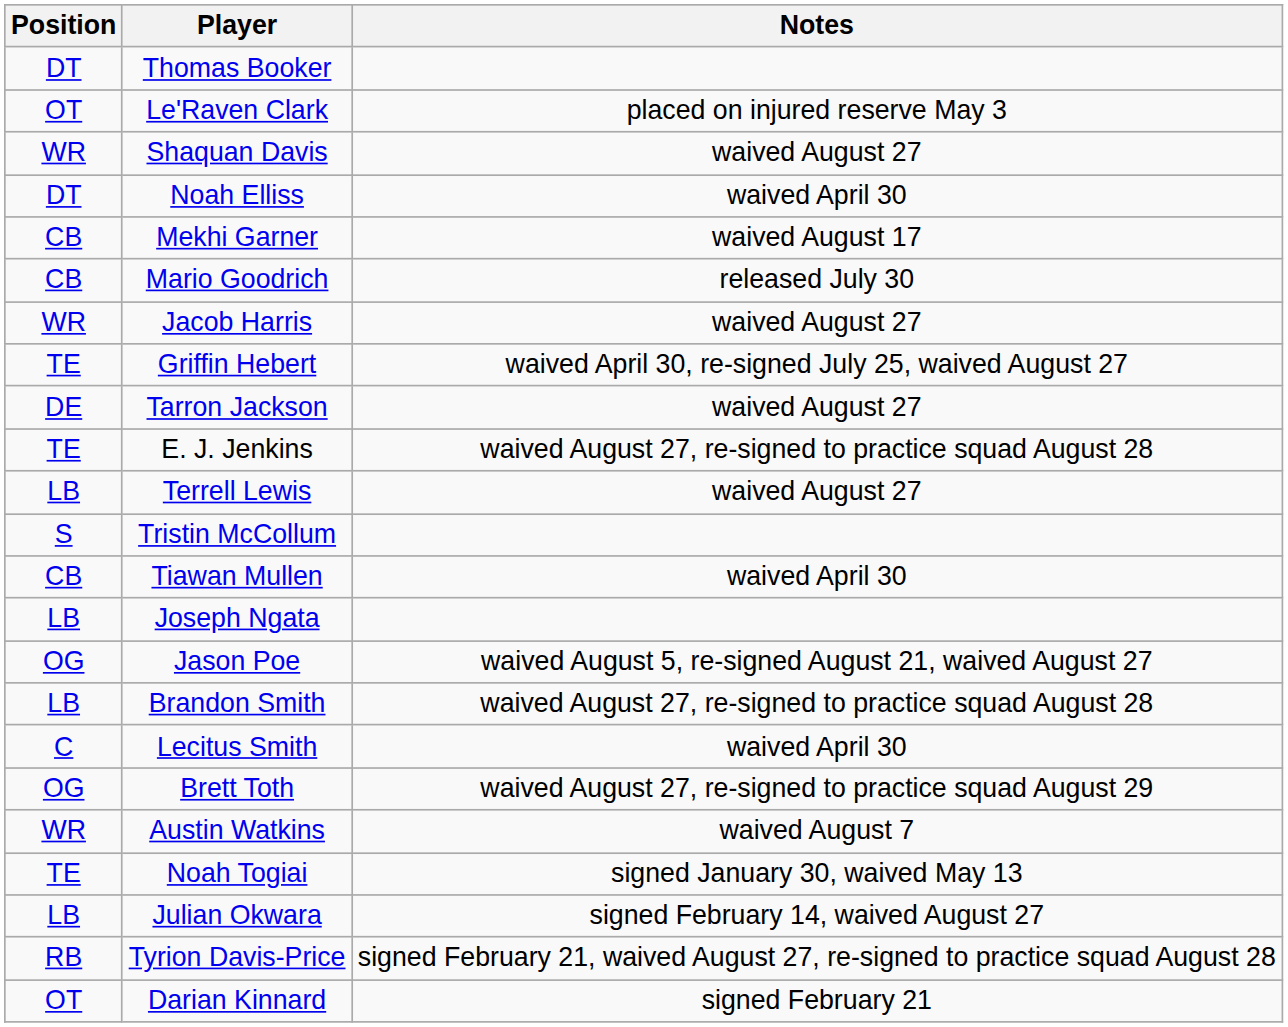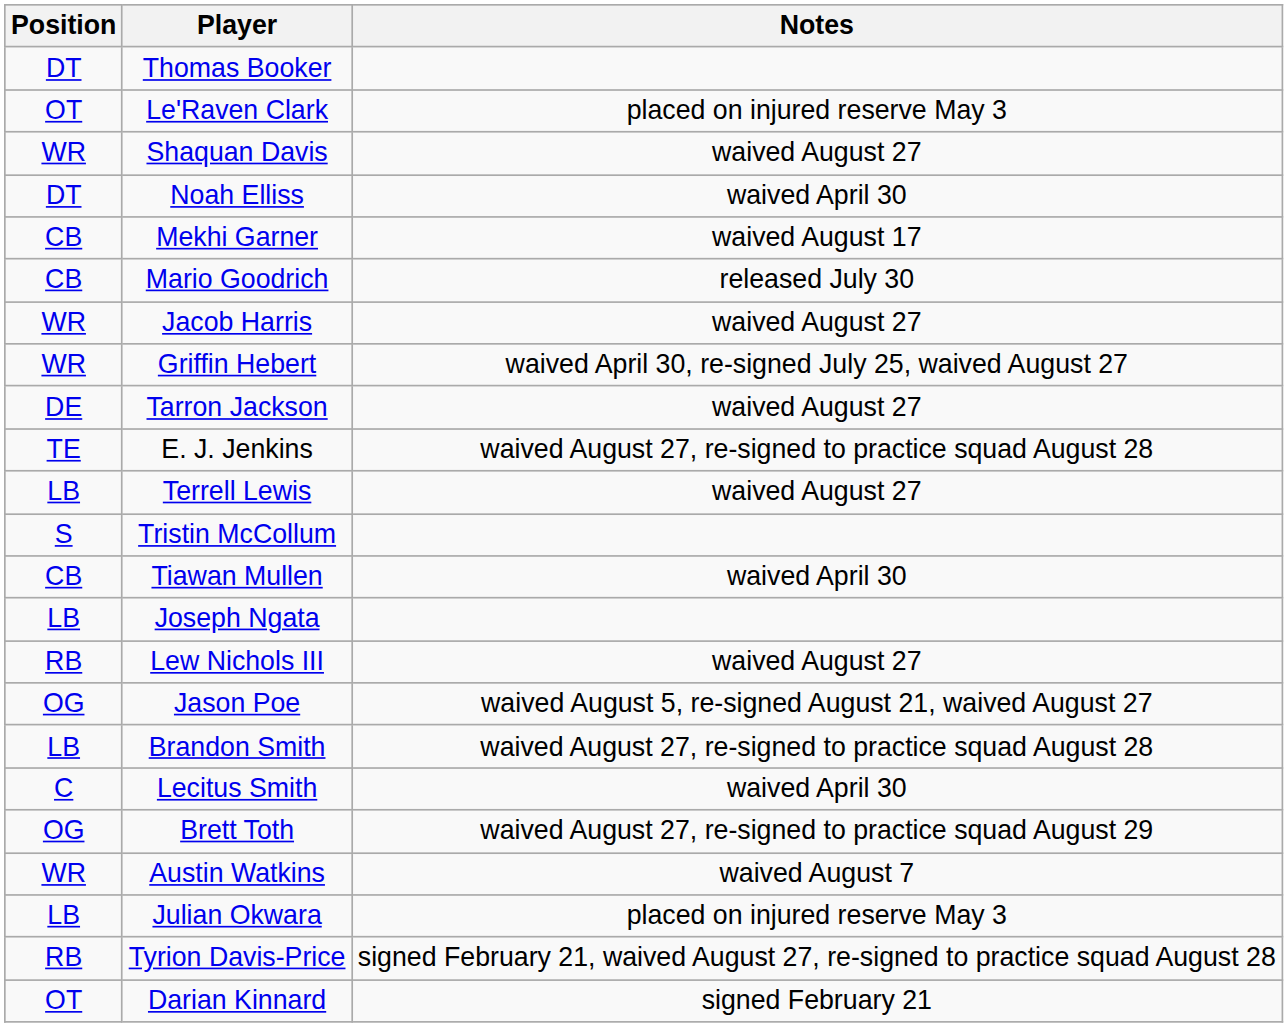 <table class="wikitable" style="text-align:center">
 <tr>
 <th>Position</th>
 <th>Player</th>
 <th>Notes</th>
 </tr>
 <tr>
 <td><a href='#'>DT</a></td>
 <td><a href='#'>Thomas Booker</a></td>
 <td></td>
 </tr>
 <tr>
 <td><a href='#'>OT</a></td>
 <td><a href='#'>Le'Raven Clark</a></td>
 <td>placed on injured reserve May 3</td>
 </tr>
 <tr>
 <td><a href='#'>WR</a></td>
 <td><a href='#'>Shaquan Davis</a></td>
 <td>waived August 27</td>
 </tr>
 <tr>
 <td><a href='#'>DT</a></td>
 <td><a href='#'>Noah Elliss</a></td>
 <td>waived April 30</td>
 </tr>
 <tr>
 <td><a href='#'>CB</a></td>
 <td><a href='#'>Mekhi Garner</a></td>
 <td>waived August 17</td>
 </tr>
 <tr>
 <td><a href='#'>CB</a></td>
 <td><a href='#'>Mario Goodrich</a></td>
 <td>released July 30</td>
 </tr>
 <tr>
 <td><a href='#'>WR</a></td>
 <td><a href='#'>Jacob Harris</a></td>
 <td>waived August 27</td>
 </tr>
 <tr>
-<td><a href='#'>TE</a></td>
+<td><a href='#'>WR</a></td>
 <td><a href='#'>Griffin Hebert</a></td>
 <td>waived April 30, re-signed July 25, waived August 27</td>
 </tr>
 <tr>
 <td><a href='#'>DE</a></td>
 <td><a href='#'>Tarron Jackson</a></td>
 <td>waived August 27</td>
 </tr>
 <tr>
 <td><a href='#'>TE</a></td>
 <td>E. J. Jenkins</td>
 <td>waived August 27, re-signed to practice squad August 28</td>
 </tr>
 <tr>
 <td><a href='#'>LB</a></td>
 <td><a href='#'>Terrell Lewis</a></td>
 <td>waived August 27</td>
 </tr>
 <tr>
 <td><a href='#'>S</a></td>
 <td><a href='#'>Tristin McCollum</a></td>
 <td></td>
 </tr>
 <tr>
 <td><a href='#'>CB</a></td>
 <td><a href='#'>Tiawan Mullen</a></td>
 <td>waived April 30</td>
 </tr>
 <tr>
 <td><a href='#'>LB</a></td>
 <td><a href='#'>Joseph Ngata</a></td>
 <td></td>
 </tr>
 <tr>
+<td><a href='#'>RB</a></td>
+<td><a href='#'>Lew Nichols III</a></td>
+<td>waived August 27</td>
+</tr>
+<tr>
 <td><a href='#'>OG</a></td>
 <td><a href='#'>Jason Poe</a></td>
 <td>waived August 5, re-signed August 21, waived August 27</td>
 </tr>
 <tr>
 <td><a href='#'>LB</a></td>
 <td><a href='#'>Brandon Smith</a></td>
 <td>waived August 27, re-signed to practice squad August 28</td>
 </tr>
 <tr>
 <td><a href='#'>C</a></td>
 <td><a href='#'>Lecitus Smith</a></td>
 <td>waived April 30</td>
 </tr>
 <tr>
 <td><a href='#'>OG</a></td>
 <td><a href='#'>Brett Toth</a></td>
 <td>waived August 27, re-signed to practice squad August 29</td>
 </tr>
 <tr>
 <td><a href='#'>WR</a></td>
 <td><a href='#'>Austin Watkins</a></td>
 <td>waived August 7</td>
 </tr>
 <tr>
-<td><a href='#'>TE</a></td>
-<td><a href='#'>Noah Togiai</a></td>
-<td>signed January 30, waived May 13</td>
-</tr>
-<tr>
 <td><a href='#'>LB</a></td>
 <td><a href='#'>Julian Okwara</a></td>
-<td>signed February 14, waived August 27</td>
+<td>placed on injured reserve May 3</td>
 </tr>
 <tr>
 <td><a href='#'>RB</a></td>
 <td><a href='#'>Tyrion Davis-Price</a></td>
 <td>signed February 21, waived August 27, re-signed to practice squad August 28</td>
 </tr>
 <tr>
 <td><a href='#'>OT</a></td>
 <td><a href='#'>Darian Kinnard</a></td>
 <td>signed February 21</td>
 </tr>
 </table>
